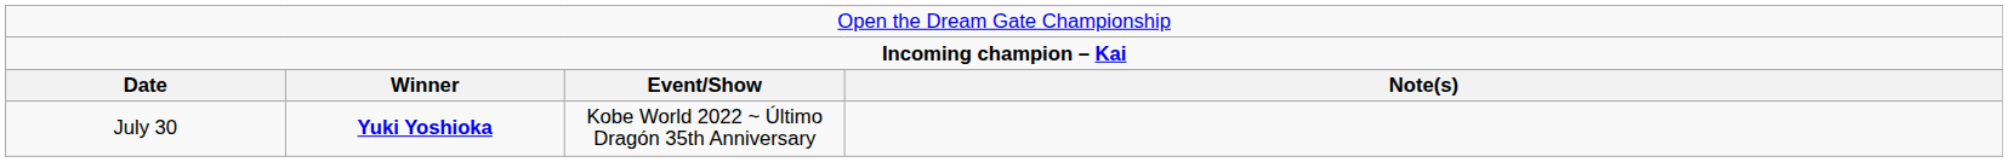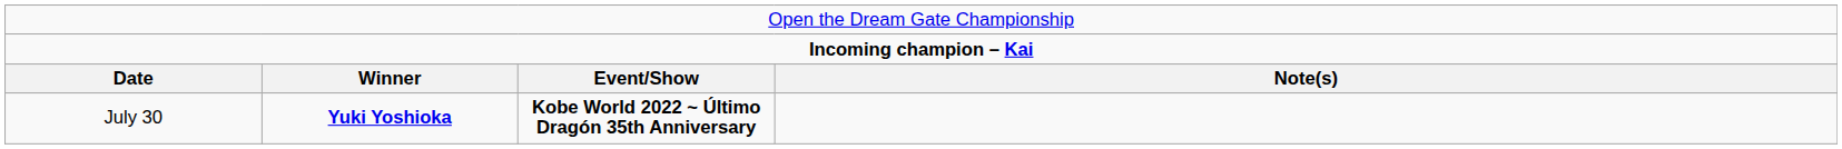 <table class="wikitable" style="text-align:center; width:100%;">
 <tr>
 <td colspan="4" style="text-align: center;"><a href='#'>Open the Dream Gate Championship</a></td>
 </tr>
 <tr>
 <td colspan="4" style="text-align: center;"><strong>Incoming champion – <a href='#'>Kai</a></strong></td>
 </tr>
 <tr>
 <th width=14%>Date</th>
 <th width=14%>Winner</th>
 <th width=14%>Event/Show</th>
 <th width=58%>Note(s)</th>
 </tr>
 <tr>
 <td>July 30</td>
 <td><strong><a href='#'>Yuki Yoshioka</a></strong></td>
-<td>Kobe World 2022 ~ Último Dragón 35th Anniversary</td>
+<td><strong>Kobe World 2022 ~ Último Dragón 35th Anniversary</strong></td>
 <td></td>
 </tr>
 </table>
